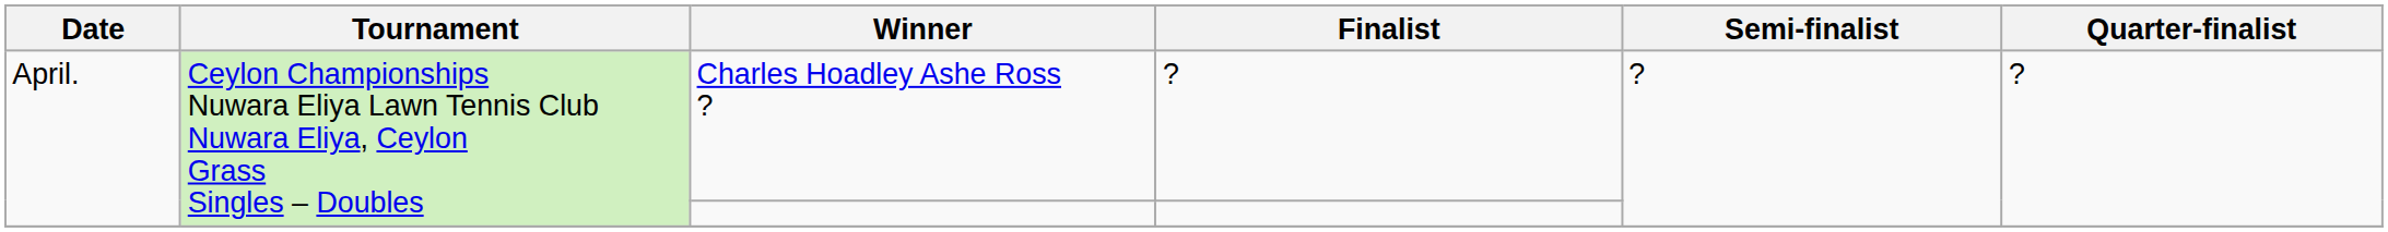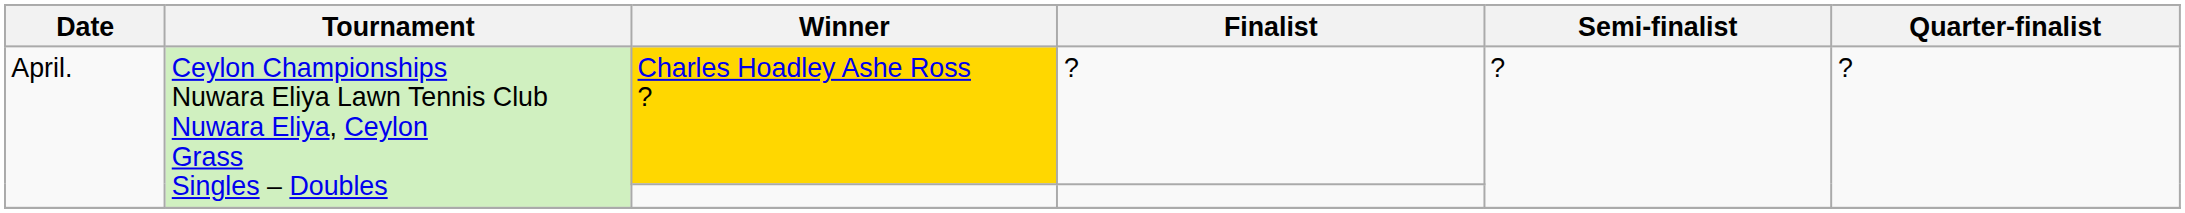 <table class="wikitable" style="font-size:85%;">
 <tr>
 <th width="75">Date</th>
 <th width="230">Tournament</th>
 <th width="210">Winner</th>
 <th width="210">Finalist</th>
 <th width="170">Semi-finalist</th>
 <th width="170">Quarter-finalist</th>
 </tr>
 <tr valign=top>
 <td rowspan=2>April.</td>
 <td style="background:#d0f0c0" rowspan=2><a href='#'>Ceylon Championships</a><br>Nuwara Eliya Lawn Tennis Club<br><a href='#'>Nuwara Eliya</a>, <a href='#'>Ceylon</a><br><a href='#'>Grass</a><br><a href='#'>Singles</a> – <a href='#'>Doubles</a></td>
-<td> <a href='#'>Charles Hoadley Ashe Ross</a> <br>?</td>
+<td style="background: gold;"> <a href='#'>Charles Hoadley Ashe Ross</a> <br>?</td>
 <td>?</td>
 <td rowspan=2>?</td>
 <td rowspan=2>?</td>
 </tr>
 <tr valign=top>
 <td></td>
 <td></td>
 </tr>
 <tr valign=top>
 </tr>
 </table>
